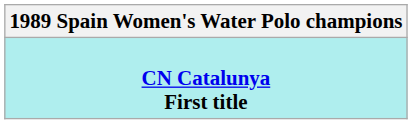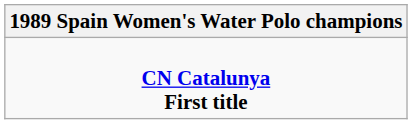 <table class=wikitable style="text-align:center; margin:auto">
 <tr>
 <th>1989 Spain Women's Water Polo champions</th>
 </tr>
 <tr>
-<td style="background: paleturquoise;"><br>  <strong><a href='#'>CN Catalunya</a></strong> <br> <strong>First title</strong></td>
+<td><br>  <strong><a href='#'>CN Catalunya</a></strong> <br> <strong>First title</strong></td>
 </tr>
 </table>
